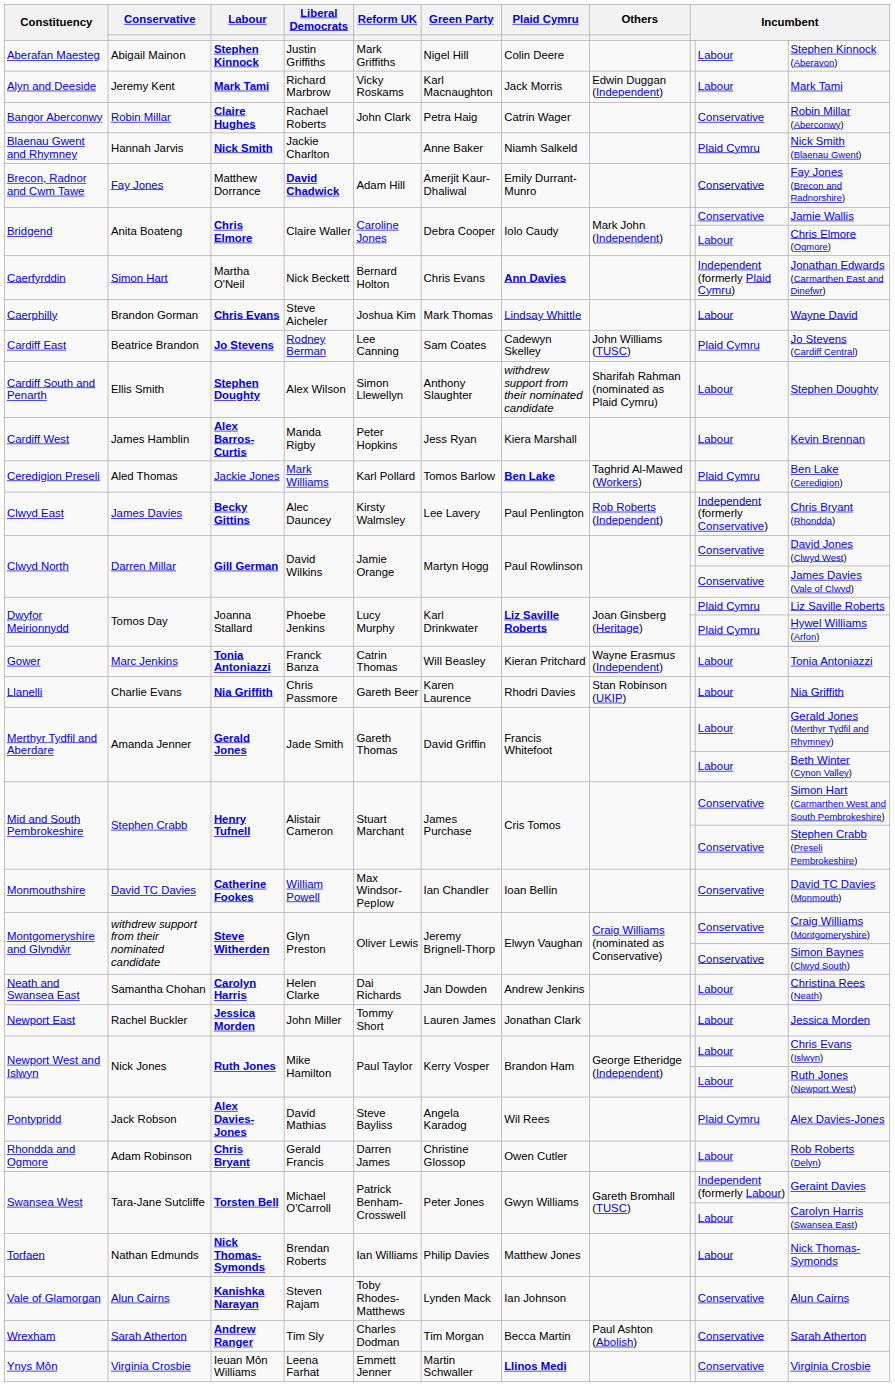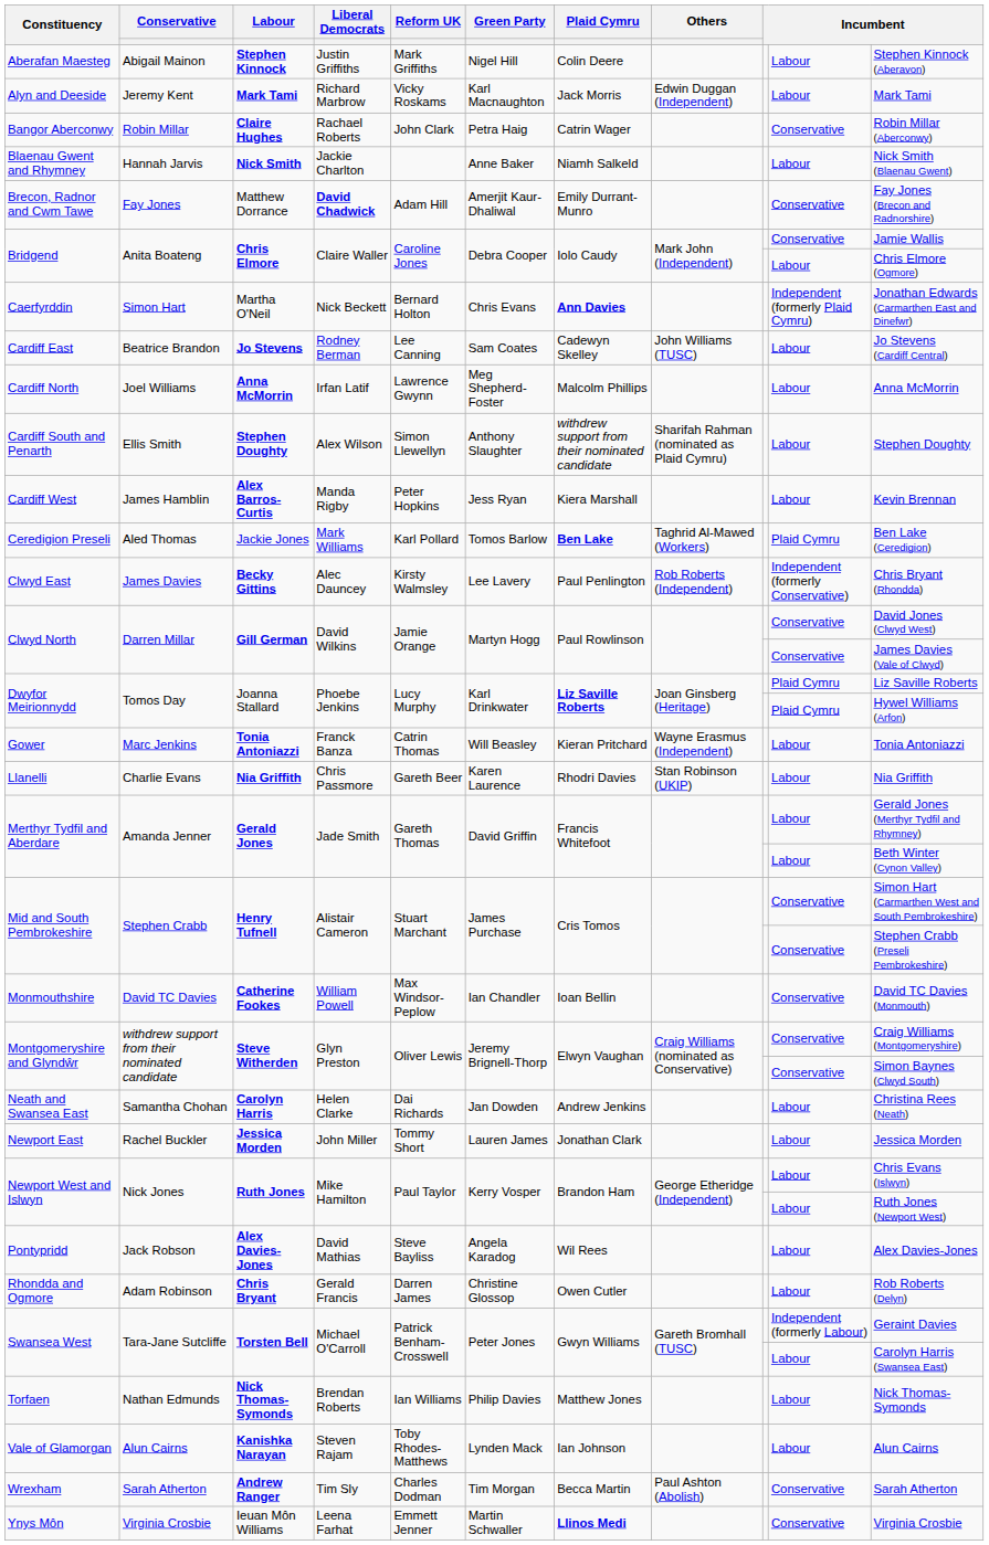 <table class="wikitable sortable sticky-header">
 <tr>
 <th rowspan="2">Constituency</th>
 <th><a href='#'>Conservative</a></th>
 <th><a href='#'>Labour</a></th>
 <th><a href='#'>Liberal Democrats</a></th>
 <th><a href='#'>Reform UK</a></th>
 <th><a href='#'>Green Party</a></th>
 <th><a href='#'>Plaid Cymru</a></th>
 <th>Others</th>
 <th colspan="3" rowspan="2">Incumbent</th>
 </tr>
 <tr>
 <th class="unsortable" style="background-color: "></th>
 <th class="unsortable" style="background-color: "></th>
 <th class="unsortable" style="background-color: "></th>
 <th class="unsortable" style="background-color: "></th>
 <th class="unsortable" style="background-color: "></th>
 <th class="unsortable" style="background-color: "></th>
 <th class="unsortable" style="background-color: "></th>
 </tr>
 <tr>
 <td><a href='#'>Aberafan Maesteg</a></td>
 <td>Abigail Mainon</td>
 <td><strong><a href='#'>Stephen Kinnock</a></strong></td>
 <td>Justin Griffiths</td>
 <td>Mark Griffiths</td>
 <td>Nigel Hill</td>
 <td>Colin Deere</td>
 <td><br></td>
 <td style="color:inherit;background-color: "></td>
 <td><a href='#'>Labour</a></td>
 <td><a href='#'>Stephen Kinnock</a><br><small>(<a href='#'>Aberavon</a>)</small></td>
 </tr>
 <tr>
 <td><a href='#'>Alyn and Deeside</a></td>
 <td>Jeremy Kent</td>
 <td><strong><a href='#'>Mark Tami</a></strong></td>
 <td>Richard Marbrow</td>
 <td>Vicky Roskams</td>
 <td>Karl Macnaughton</td>
 <td>Jack Morris</td>
 <td>Edwin Duggan (<a href='#'>Independent</a>)</td>
 <td style="color:inherit;background-color: "></td>
 <td><a href='#'>Labour</a></td>
 <td><a href='#'>Mark Tami</a></td>
 </tr>
 <tr>
 <td><a href='#'>Bangor Aberconwy</a></td>
 <td><a href='#'>Robin Millar</a></td>
 <td><strong><a href='#'>Claire Hughes</a></strong></td>
 <td>Rachael Roberts</td>
 <td>John Clark</td>
 <td>Petra Haig</td>
 <td>Catrin Wager</td>
 <td><br></td>
 <td style="color:inherit;background-color: "></td>
 <td><a href='#'>Conservative</a></td>
 <td><a href='#'>Robin Millar</a><br><small>(<a href='#'>Aberconwy</a>)</small></td>
 </tr>
 <tr>
 <td><a href='#'>Blaenau Gwent and Rhymney</a></td>
 <td>Hannah Jarvis</td>
 <td><strong><a href='#'>Nick Smith</a></strong></td>
 <td>Jackie Charlton</td>
 <td></td>
 <td>Anne Baker</td>
 <td>Niamh Salkeld</td>
 <td><br></td>
 <td style="color:inherit;background-color: "></td>
-<td><a href='#'>Plaid Cymru</a></td>
+<td><a href='#'>Labour</a></td>
 <td><a href='#'>Nick Smith</a><br><small>(<a href='#'>Blaenau Gwent</a>)</small></td>
 </tr>
 <tr>
 <td><a href='#'>Brecon, Radnor and Cwm Tawe</a></td>
 <td><a href='#'>Fay Jones</a></td>
 <td>Matthew Dorrance</td>
 <td><strong><a href='#'>David Chadwick</a></strong></td>
 <td>Adam Hill</td>
 <td>Amerjit Kaur-Dhaliwal</td>
 <td>Emily Durrant-Munro</td>
 <td><br></td>
 <td style="color:inherit;background-color: "></td>
 <td><a href='#'>Conservative</a></td>
 <td><a href='#'>Fay Jones</a><br><small>(<a href='#'>Brecon and Radnorshire</a>)</small></td>
 </tr>
 <tr>
 <td rowspan="2"><a href='#'>Bridgend</a></td>
 <td rowspan="2">Anita Boateng</td>
 <td rowspan="2"><strong><a href='#'>Chris Elmore</a></strong></td>
 <td rowspan="2">Claire Waller</td>
 <td rowspan="2"><a href='#'>Caroline Jones</a></td>
 <td rowspan="2">Debra Cooper</td>
 <td rowspan="2">Iolo Caudy</td>
 <td rowspan="2">Mark John (<a href='#'>Independent</a>)</td>
 <td style="color:inherit;background-color: "></td>
 <td><a href='#'>Conservative</a></td>
 <td><a href='#'>Jamie Wallis</a></td>
 </tr>
 <tr>
 <td style="color:inherit;background-color: "></td>
 <td><a href='#'>Labour</a></td>
 <td><a href='#'>Chris Elmore</a><br><small>(<a href='#'>Ogmore</a>)</small></td>
 </tr>
 <tr>
 <td><a href='#'>Caerfyrddin</a></td>
 <td><a href='#'>Simon Hart</a></td>
 <td>Martha O'Neil</td>
 <td>Nick Beckett</td>
 <td>Bernard Holton</td>
 <td>Chris Evans</td>
 <td><strong><a href='#'>Ann Davies</a></strong></td>
 <td><br></td>
 <td style="color:inherit;background-color: "></td>
 <td><a href='#'>Independent</a> (formerly <a href='#'>Plaid Cymru</a>)</td>
 <td><a href='#'>Jonathan Edwards</a><br><small>(<a href='#'>Carmarthen East and Dinefwr</a>)</small></td>
 </tr>
 <tr>
-<td><a href='#'>Caerphilly</a></td>
-<td>Brandon Gorman</td>
-<td><strong><a href='#'>Chris Evans</a></strong></td>
-<td>Steve Aicheler</td>
-<td>Joshua Kim</td>
-<td>Mark Thomas</td>
-<td><a href='#'>Lindsay Whittle</a></td>
-<td></td>
-<td style="color:inherit;background-color: "></td>
-<td><a href='#'>Labour</a></td>
-<td><a href='#'>Wayne David</a></td>
-</tr>
-<tr>
 <td><a href='#'>Cardiff East</a></td>
 <td>Beatrice Brandon</td>
 <td><strong><a href='#'>Jo Stevens</a></strong></td>
 <td><a href='#'>Rodney Berman</a></td>
 <td>Lee Canning</td>
 <td>Sam Coates</td>
 <td>Cadewyn Skelley</td>
 <td>John Williams (<a href='#'>TUSC</a>)</td>
 <td style="color:inherit;background-color: "></td>
-<td><a href='#'>Plaid Cymru</a></td>
+<td><a href='#'>Labour</a></td>
 <td><a href='#'>Jo Stevens</a><br><small>(<a href='#'>Cardiff Central</a>)</small></td>
+</tr>
+<tr>
+<td><a href='#'>Cardiff North</a></td>
+<td>Joel Williams</td>
+<td><strong><a href='#'>Anna McMorrin</a></strong></td>
+<td>Irfan Latif</td>
+<td>Lawrence Gwynn</td>
+<td>Meg Shepherd-Foster</td>
+<td>Malcolm Phillips</td>
+<td></td>
+<td style="color:inherit;background-color: "></td>
+<td><a href='#'>Labour</a></td>
+<td><a href='#'>Anna McMorrin</a></td>
 </tr>
 <tr>
 <td><a href='#'>Cardiff South and Penarth</a></td>
 <td>Ellis Smith</td>
 <td><strong><a href='#'>Stephen Doughty</a></strong></td>
 <td>Alex Wilson</td>
 <td>Simon Llewellyn</td>
 <td>Anthony Slaughter</td>
 <td><em>withdrew support from their nominated candidate</em></td>
 <td>Sharifah Rahman (nominated as Plaid Cymru)</td>
 <td style="color:inherit;background-color: "></td>
 <td><a href='#'>Labour</a></td>
 <td><a href='#'>Stephen Doughty</a></td>
 </tr>
 <tr>
 <td><a href='#'>Cardiff West</a></td>
 <td>James Hamblin</td>
 <td><strong><a href='#'>Alex Barros-Curtis</a></strong></td>
 <td>Manda Rigby</td>
 <td>Peter Hopkins</td>
 <td>Jess Ryan</td>
 <td>Kiera Marshall</td>
 <td><br></td>
 <td style="color:inherit;background-color: "></td>
 <td><a href='#'>Labour</a></td>
 <td><a href='#'>Kevin Brennan</a></td>
 </tr>
 <tr>
 <td><a href='#'>Ceredigion Preseli</a></td>
 <td>Aled Thomas</td>
 <td><a href='#'>Jackie Jones</a></td>
 <td><a href='#'>Mark Williams</a></td>
 <td>Karl Pollard</td>
 <td>Tomos Barlow</td>
 <td><strong><a href='#'>Ben Lake</a></strong></td>
 <td>Taghrid Al-Mawed (<a href='#'>Workers</a>)</td>
 <td style="color:inherit;background-color: "></td>
 <td><a href='#'>Plaid Cymru</a></td>
 <td><a href='#'>Ben Lake</a><br><small>(<a href='#'>Ceredigion</a>)</small></td>
 </tr>
 <tr>
 <td><a href='#'>Clwyd East</a></td>
 <td><a href='#'>James Davies</a></td>
 <td><strong><a href='#'>Becky Gittins</a></strong></td>
 <td>Alec Dauncey</td>
 <td>Kirsty Walmsley</td>
 <td>Lee Lavery</td>
 <td>Paul Penlington</td>
 <td><a href='#'>Rob Roberts</a> (<a href='#'>Independent</a>)</td>
 <td style="color:inherit;background-color: "></td>
 <td><a href='#'>Independent</a> (formerly <a href='#'>Conservative</a>)</td>
 <td><a href='#'>Chris Bryant</a><br><small>(<a href='#'>Rhondda</a>)</small></td>
 </tr>
 <tr>
 <td rowspan="2"><a href='#'>Clwyd North</a></td>
 <td rowspan="2"><a href='#'>Darren Millar</a></td>
 <td rowspan="2"><strong><a href='#'>Gill German</a></strong></td>
 <td rowspan="2">David Wilkins</td>
 <td rowspan="2">Jamie Orange</td>
 <td rowspan="2">Martyn Hogg</td>
 <td rowspan="2">Paul Rowlinson</td>
 <td rowspan="2"></td>
 <td style="color:inherit;background-color: "></td>
 <td><a href='#'>Conservative</a></td>
 <td><a href='#'>David Jones</a><br><small>(<a href='#'>Clwyd West</a>)</small></td>
 </tr>
 <tr>
 <td style="color:inherit;background-color: "></td>
 <td><a href='#'>Conservative</a></td>
 <td><a href='#'>James Davies</a><br><small>(<a href='#'>Vale of Clwyd</a>)</small></td>
 </tr>
 <tr>
 <td rowspan="2"><a href='#'>Dwyfor Meirionnydd</a></td>
 <td rowspan="2">Tomos Day</td>
 <td rowspan="2">Joanna Stallard</td>
 <td rowspan="2">Phoebe Jenkins</td>
 <td rowspan="2">Lucy Murphy</td>
 <td rowspan="2">Karl Drinkwater</td>
 <td rowspan="2"><strong><a href='#'>Liz Saville Roberts</a></strong></td>
 <td rowspan="2">Joan Ginsberg (<a href='#'>Heritage</a>)</td>
 <td style="color:inherit;background-color: "></td>
 <td><a href='#'>Plaid Cymru</a></td>
 <td><a href='#'>Liz Saville Roberts</a></td>
 </tr>
 <tr>
 <td style="color:inherit;background-color: "></td>
 <td><a href='#'>Plaid Cymru</a></td>
 <td><a href='#'>Hywel Williams</a><br><small>(<a href='#'>Arfon</a>)</small></td>
 </tr>
 <tr>
 <td><a href='#'>Gower</a></td>
 <td><a href='#'>Marc Jenkins</a></td>
 <td><strong><a href='#'>Tonia Antoniazzi</a></strong></td>
 <td>Franck Banza</td>
 <td>Catrin Thomas</td>
 <td>Will Beasley</td>
 <td>Kieran Pritchard</td>
 <td>Wayne Erasmus (<a href='#'>Independent</a>)</td>
 <td style="color:inherit;background-color: "></td>
 <td><a href='#'>Labour</a></td>
 <td><a href='#'>Tonia Antoniazzi</a></td>
 </tr>
 <tr>
 <td><a href='#'>Llanelli</a></td>
 <td>Charlie Evans</td>
 <td><strong><a href='#'>Nia Griffith</a></strong></td>
 <td>Chris Passmore</td>
 <td>Gareth Beer</td>
 <td>Karen Laurence</td>
 <td>Rhodri Davies</td>
 <td>Stan Robinson (<a href='#'>UKIP</a>)</td>
 <td style="color:inherit;background-color: "></td>
 <td><a href='#'>Labour</a></td>
 <td><a href='#'>Nia Griffith</a></td>
 </tr>
 <tr>
 <td rowspan="2"><a href='#'>Merthyr Tydfil and Aberdare</a></td>
 <td rowspan="2">Amanda Jenner</td>
 <td rowspan="2"><strong><a href='#'>Gerald Jones</a></strong></td>
 <td rowspan="2">Jade Smith</td>
 <td rowspan="2">Gareth Thomas</td>
 <td rowspan="2">David Griffin</td>
 <td rowspan="2">Francis Whitefoot</td>
 <td rowspan="2"><br></td>
 <td style="color:inherit;background-color: "></td>
 <td><a href='#'>Labour</a></td>
 <td><a href='#'>Gerald Jones</a><br><small>(<a href='#'>Merthyr Tydfil and Rhymney</a>)</small></td>
 </tr>
 <tr>
 <td style="color:inherit;background-color: "></td>
 <td><a href='#'>Labour</a></td>
 <td><a href='#'>Beth Winter</a><br><small>(<a href='#'>Cynon Valley</a>)</small></td>
 </tr>
 <tr>
 <td rowspan="2"><a href='#'>Mid and South Pembrokeshire</a></td>
 <td rowspan="2"><a href='#'>Stephen Crabb</a></td>
 <td rowspan="2"><strong><a href='#'>Henry Tufnell</a></strong></td>
 <td rowspan="2">Alistair Cameron</td>
 <td rowspan="2">Stuart Marchant</td>
 <td rowspan="2">James Purchase</td>
 <td rowspan="2">Cris Tomos</td>
 <td rowspan="2"><br></td>
 <td style="color:inherit;background-color: "></td>
 <td><a href='#'>Conservative</a></td>
 <td><a href='#'>Simon Hart</a><br><small>(<a href='#'>Carmarthen West and South Pembrokeshire</a>)</small></td>
 </tr>
 <tr>
 <td style="color:inherit;background-color: "></td>
 <td><a href='#'>Conservative</a></td>
 <td><a href='#'>Stephen Crabb</a><br><small>(<a href='#'>Preseli Pembrokeshire</a>)</small></td>
 </tr>
 <tr>
 <td><a href='#'>Monmouthshire</a></td>
 <td><a href='#'>David TC Davies</a></td>
 <td><strong><a href='#'>Catherine Fookes</a></strong></td>
 <td><a href='#'>William Powell</a></td>
 <td>Max Windsor-Peplow</td>
 <td>Ian Chandler</td>
 <td>Ioan Bellin</td>
 <td><br></td>
 <td style="color:inherit;background-color: "></td>
 <td><a href='#'>Conservative</a></td>
 <td><a href='#'>David TC Davies</a><br><small>(<a href='#'>Monmouth</a>)</small></td>
 </tr>
 <tr>
 <td rowspan="2"><a href='#'>Montgomeryshire and Glyndŵr</a></td>
 <td rowspan="2"><em>withdrew support from their nominated candidate</em></td>
 <td rowspan="2"><strong><a href='#'>Steve Witherden</a></strong></td>
 <td rowspan="2">Glyn Preston</td>
 <td rowspan="2">Oliver Lewis</td>
 <td rowspan="2">Jeremy Brignell-Thorp</td>
 <td rowspan="2">Elwyn Vaughan</td>
 <td rowspan="2"><a href='#'>Craig Williams</a> (nominated as Conservative)</td>
 <td style="color:inherit;background-color: "></td>
 <td><a href='#'>Conservative</a></td>
 <td><a href='#'>Craig Williams</a><br><small>(<a href='#'>Montgomeryshire</a>)</small></td>
 </tr>
 <tr>
 <td style="color:inherit;background-color: "></td>
 <td><a href='#'>Conservative</a></td>
 <td><a href='#'>Simon Baynes</a><br><small>(<a href='#'>Clwyd South</a>)</small></td>
 </tr>
 <tr>
 <td><a href='#'>Neath and Swansea East</a></td>
 <td>Samantha Chohan</td>
 <td><strong><a href='#'>Carolyn Harris</a></strong></td>
 <td>Helen Clarke</td>
 <td>Dai Richards</td>
 <td>Jan Dowden</td>
 <td>Andrew Jenkins</td>
 <td></td>
 <td style="color:inherit;background-color: "></td>
 <td><a href='#'>Labour</a></td>
 <td><a href='#'>Christina Rees</a><br><small>(<a href='#'>Neath</a>)</small></td>
 </tr>
 <tr>
 <td><a href='#'>Newport East</a></td>
 <td>Rachel Buckler</td>
 <td><strong><a href='#'>Jessica Morden</a></strong></td>
 <td>John Miller</td>
 <td>Tommy Short</td>
 <td>Lauren James</td>
 <td>Jonathan Clark</td>
 <td><br></td>
 <td style="color:inherit;background-color: "></td>
 <td><a href='#'>Labour</a></td>
 <td><a href='#'>Jessica Morden</a></td>
 </tr>
 <tr>
 <td rowspan="2"><a href='#'>Newport West and Islwyn</a></td>
 <td rowspan="2">Nick Jones</td>
 <td rowspan="2"><strong><a href='#'>Ruth Jones</a></strong></td>
 <td rowspan="2">Mike Hamilton</td>
 <td rowspan="2">Paul Taylor</td>
 <td rowspan="2">Kerry Vosper</td>
 <td rowspan="2">Brandon Ham</td>
 <td rowspan="2">George Etheridge (<a href='#'>Independent</a>)</td>
 <td style="color:inherit;background-color: "></td>
 <td><a href='#'>Labour</a></td>
 <td><a href='#'>Chris Evans</a><br><small>(<a href='#'>Islwyn</a>)</small></td>
 </tr>
 <tr>
 <td style="color:inherit;background-color: "></td>
 <td><a href='#'>Labour</a></td>
 <td><a href='#'>Ruth Jones</a><br><small>(<a href='#'>Newport West</a>)</small></td>
 </tr>
 <tr>
 <td><a href='#'>Pontypridd</a></td>
 <td>Jack Robson</td>
 <td><strong><a href='#'>Alex Davies-Jones</a></strong></td>
 <td>David Mathias</td>
 <td>Steve Bayliss</td>
 <td>Angela Karadog</td>
 <td>Wil Rees</td>
 <td><br></td>
 <td style="color:inherit;background-color: "></td>
-<td><a href='#'>Plaid Cymru</a></td>
+<td><a href='#'>Labour</a></td>
 <td><a href='#'>Alex Davies-Jones</a></td>
 </tr>
 <tr>
 <td><a href='#'>Rhondda and Ogmore</a></td>
 <td>Adam Robinson</td>
 <td><strong><a href='#'>Chris Bryant</a></strong></td>
 <td>Gerald Francis</td>
 <td>Darren James</td>
 <td>Christine Glossop</td>
 <td>Owen Cutler</td>
 <td></td>
 <td style="color:inherit;background-color: "></td>
 <td><a href='#'>Labour</a></td>
 <td><a href='#'>Rob Roberts</a><br><small>(<a href='#'>Delyn</a>)</small></td>
 </tr>
 <tr>
 <td rowspan="2"><a href='#'>Swansea West</a></td>
 <td rowspan="2">Tara-Jane Sutcliffe</td>
 <td rowspan="2"><strong><a href='#'>Torsten Bell</a></strong></td>
 <td rowspan="2">Michael O'Carroll</td>
 <td rowspan="2">Patrick Benham-Crosswell</td>
 <td rowspan="2">Peter Jones</td>
 <td rowspan="2">Gwyn Williams</td>
 <td rowspan="2">Gareth Bromhall (<a href='#'>TUSC</a>)</td>
 <td style="color:inherit;background-color: "></td>
 <td><a href='#'>Independent</a> (formerly <a href='#'>Labour</a>)</td>
 <td><a href='#'>Geraint Davies</a></td>
 </tr>
 <tr>
 <td style="color:inherit;background-color: "></td>
 <td><a href='#'>Labour</a></td>
 <td><a href='#'>Carolyn Harris</a><br><small>(<a href='#'>Swansea East</a>)</small></td>
 </tr>
 <tr>
 <td><a href='#'>Torfaen</a></td>
 <td>Nathan Edmunds</td>
 <td><strong><a href='#'>Nick Thomas-Symonds</a></strong></td>
 <td>Brendan Roberts</td>
 <td>Ian Williams</td>
 <td>Philip Davies</td>
 <td>Matthew Jones</td>
 <td><br></td>
 <td style="color:inherit;background-color: "></td>
 <td><a href='#'>Labour</a></td>
 <td><a href='#'>Nick Thomas-Symonds</a></td>
 </tr>
 <tr>
 <td><a href='#'>Vale of Glamorgan</a></td>
 <td><a href='#'>Alun Cairns</a></td>
 <td><strong><a href='#'>Kanishka Narayan</a></strong></td>
 <td>Steven Rajam</td>
 <td>Toby Rhodes-Matthews</td>
 <td>Lynden Mack</td>
 <td>Ian Johnson</td>
 <td><br></td>
 <td style="color:inherit;background-color: "></td>
-<td><a href='#'>Conservative</a></td>
+<td><a href='#'>Labour</a></td>
 <td><a href='#'>Alun Cairns</a></td>
 </tr>
 <tr>
 <td><a href='#'>Wrexham</a></td>
 <td><a href='#'>Sarah Atherton</a></td>
 <td><strong><a href='#'>Andrew Ranger</a></strong></td>
 <td>Tim Sly</td>
 <td>Charles Dodman</td>
 <td>Tim Morgan</td>
 <td>Becca Martin</td>
 <td>Paul Ashton (<a href='#'>Abolish</a>)</td>
 <td style="color:inherit;background-color: "></td>
 <td><a href='#'>Conservative</a></td>
 <td><a href='#'>Sarah Atherton</a></td>
 </tr>
 <tr>
 <td><a href='#'>Ynys Môn</a></td>
 <td><a href='#'>Virginia Crosbie</a></td>
 <td>Ieuan Môn Williams</td>
 <td>Leena Farhat</td>
 <td>Emmett Jenner</td>
 <td>Martin Schwaller</td>
 <td><strong><a href='#'>Llinos Medi</a></strong></td>
 <td><br></td>
 <td style="color:inherit;background-color: "></td>
 <td><a href='#'>Conservative</a></td>
 <td><a href='#'>Virginia Crosbie</a></td>
 </tr>
 </table>
